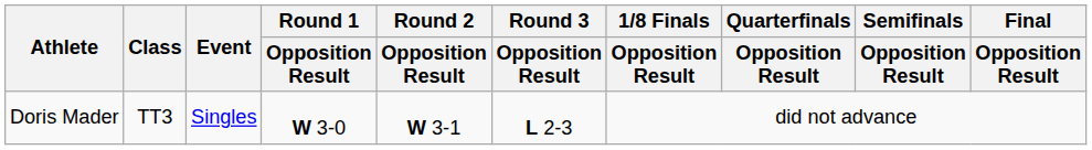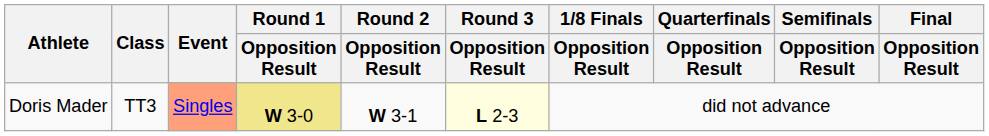 <table class="wikitable" style="font-size:90%">
 <tr>
 <th rowspan="2">Athlete</th>
 <th rowspan="2">Class</th>
 <th rowspan="2">Event</th>
 <th>Round 1</th>
 <th>Round 2</th>
 <th>Round 3</th>
 <th>1/8 Finals</th>
 <th>Quarterfinals</th>
 <th>Semifinals</th>
 <th>Final</th>
 </tr>
 <tr>
 <th>Opposition<br>Result</th>
 <th>Opposition<br>Result</th>
 <th>Opposition<br>Result</th>
 <th>Opposition<br>Result</th>
 <th>Opposition<br>Result</th>
 <th>Opposition<br>Result</th>
 <th>Opposition<br>Result</th>
 </tr>
 <tr>
 <td>Doris Mader</td>
 <td align="center">TT3</td>
-<td><a href='#'>Singles</a></td>
-<td align="center"><br><strong>W</strong> 3-0</td>
+<td style="background: lightsalmon;"><a href='#'>Singles</a></td>
+<td align="center" style="background: khaki;"><br><strong>W</strong> 3-0</td>
 <td align="center"><br><strong>W</strong> 3-1</td>
-<td align="center"><br><strong>L</strong> 2-3</td>
+<td align="center" style="background: lightyellow;"><br><strong>L</strong> 2-3</td>
 <td align="center" colspan="4">did not advance</td>
 </tr>
 </table>
